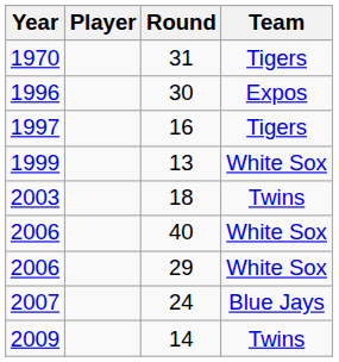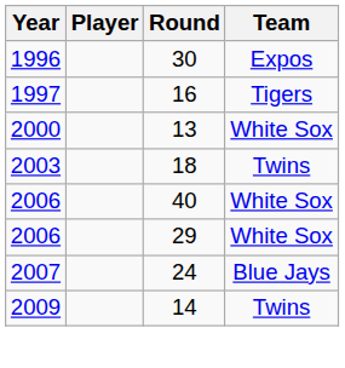 <table class="wikitable sortable">
 <tr>
 <th width=px>Year</th>
 <th width=px>Player</th>
 <th width=px>Round</th>
 <th width=px>Team</th>
-</tr>
-<tr valign="center">
-<td align="center"><a href='#'>1970</a></td>
-<td align="center"></td>
-<td align="center">31</td>
-<td align="center"><a href='#'>Tigers</a></td>
 </tr>
 <tr valign="center">
 <td align="center"><a href='#'>1996</a></td>
 <td align="center"></td>
 <td align="center">30</td>
 <td align="center"><a href='#'>Expos</a></td>
 </tr>
 <tr valign="center">
 <td align="center"><a href='#'>1997</a></td>
 <td align="center"></td>
 <td align="center">16</td>
 <td align="center"><a href='#'>Tigers</a></td>
 </tr>
 <tr valign="center">
-<td align="center"><a href='#'>1999</a></td>
+<td align="center"><a href='#'>2000</a></td>
 <td align="center"></td>
 <td align="center">13</td>
 <td align="center"><a href='#'>White Sox</a></td>
 </tr>
 <tr valign="center">
 <td align="center"><a href='#'>2003</a></td>
 <td align="center"></td>
 <td align="center">18</td>
 <td align="center"><a href='#'>Twins</a></td>
 </tr>
 <tr valign="center">
 <td align="center"><a href='#'>2006</a></td>
 <td align="center"></td>
 <td align="center">40</td>
 <td align="center"><a href='#'>White Sox</a></td>
 </tr>
 <tr valign="center">
 <td align="center"><a href='#'>2006</a></td>
 <td align="center"></td>
 <td align="center">29</td>
 <td align="center"><a href='#'>White Sox</a></td>
 </tr>
 <tr valign="center">
 <td align="center"><a href='#'>2007</a></td>
 <td align="center"></td>
 <td align="center">24</td>
 <td align="center"><a href='#'>Blue Jays</a></td>
 </tr>
 <tr valign="center">
 <td align="center"><a href='#'>2009</a></td>
 <td align="center"></td>
 <td align="center">14</td>
 <td align="center"><a href='#'>Twins</a></td>
 </tr>
 </table>
